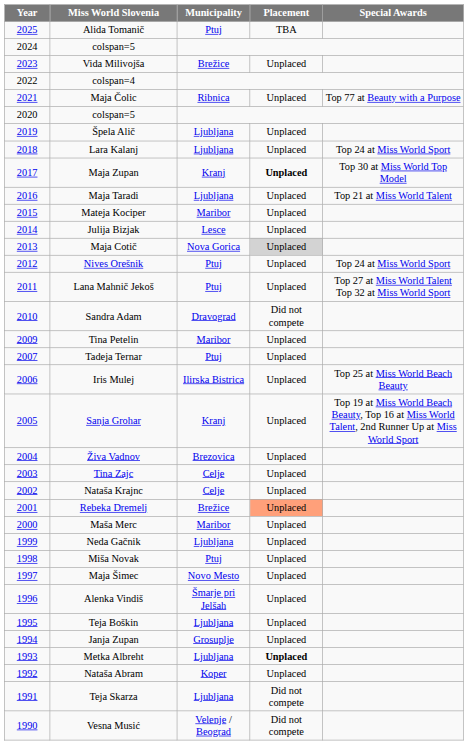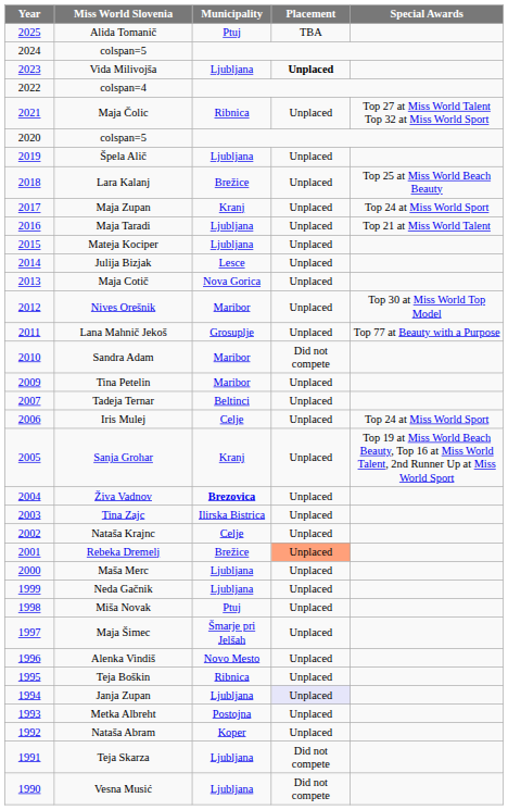 <table class="wikitable sortable" style="font-size: 95%; text-align:center">
 <tr>
 <th width="60" style="background-color:#787878;color:#FFFFFF;">Year</th>
 <th width="180" style="background-color:#787878;color:#FFFFFF;">Miss World Slovenia</th>
 <th width="100" style="background-color:#787878;color:#FFFFFF;">Municipality</th>
 <th width="100" style="background-color:#787878;color:#FFFFFF;">Placement</th>
 <th width="200" style="background-color:#787878;color:#FFFFFF;">Special Awards</th>
 </tr>
 <tr>
 <td><a href='#'>2025</a></td>
 <td>Alida Tomanič</td>
 <td><a href='#'>Ptuj</a></td>
 <td>TBA</td>
 <td></td>
 </tr>
 <tr>
 <td>2024</td>
 <td>colspan=5 </td>
 </tr>
 <tr>
 <td><a href='#'>2023</a></td>
 <td>Vida Milivojša</td>
-<td><a href='#'>Brežice</a></td>
-<td>Unplaced</td>
+<td><a href='#'>Ljubljana</a></td>
+<td><strong>Unplaced</strong></td>
 <td></td>
 </tr>
 <tr>
 <td>2022</td>
 <td>colspan=4 </td>
 </tr>
 <tr>
 <td><a href='#'>2021</a></td>
 <td>Maja Čolic</td>
 <td><a href='#'>Ribnica</a></td>
 <td>Unplaced</td>
-<td>Top 77 at <a href='#'>Beauty with a Purpose</a></td>
+<td>Top 27 at <a href='#'>Miss World Talent</a><br> Top 32 at <a href='#'>Miss World Sport</a></td>
 </tr>
 <tr>
 <td>2020</td>
 <td>colspan=5 </td>
 </tr>
 <tr>
 <td><a href='#'>2019</a></td>
 <td>Špela Alič</td>
 <td><a href='#'>Ljubljana</a></td>
 <td>Unplaced</td>
 <td></td>
 </tr>
 <tr>
 <td><a href='#'>2018</a></td>
 <td>Lara Kalanj</td>
-<td><a href='#'>Ljubljana</a></td>
+<td><a href='#'>Brežice</a></td>
 <td>Unplaced</td>
-<td>Top 24 at <a href='#'>Miss World Sport</a></td>
+<td>Top 25 at <a href='#'>Miss World Beach Beauty</a></td>
 </tr>
 <tr>
 <td><a href='#'>2017</a></td>
 <td>Maja Zupan</td>
 <td><a href='#'>Kranj</a></td>
-<td><strong>Unplaced</strong></td>
-<td>Top 30 at <a href='#'>Miss World Top Model</a></td>
+<td>Unplaced</td>
+<td>Top 24 at <a href='#'>Miss World Sport</a></td>
 </tr>
 <tr>
 <td><a href='#'>2016</a></td>
 <td>Maja Taradi</td>
 <td><a href='#'>Ljubljana</a></td>
 <td>Unplaced</td>
 <td>Top 21 at <a href='#'>Miss World Talent</a></td>
 </tr>
 <tr>
 <td><a href='#'>2015</a></td>
 <td>Mateja Kociper</td>
-<td><a href='#'>Maribor</a></td>
+<td><a href='#'>Ljubljana</a></td>
 <td>Unplaced</td>
 <td></td>
 </tr>
 <tr>
 <td><a href='#'>2014</a></td>
 <td>Julija Bizjak</td>
 <td><a href='#'>Lesce</a></td>
 <td>Unplaced</td>
 <td></td>
 </tr>
 <tr>
 <td><a href='#'>2013</a></td>
 <td>Maja Cotič</td>
 <td><a href='#'>Nova Gorica</a></td>
-<td style="background: lightgrey;">Unplaced</td>
+<td>Unplaced</td>
 <td></td>
 </tr>
 <tr>
 <td><a href='#'>2012</a></td>
 <td><a href='#'>Nives Orešnik</a></td>
-<td><a href='#'>Ptuj</a></td>
+<td><a href='#'>Maribor</a></td>
 <td>Unplaced</td>
-<td>Top 24 at <a href='#'>Miss World Sport</a></td>
+<td>Top 30 at <a href='#'>Miss World Top Model</a></td>
 </tr>
 <tr>
 <td><a href='#'>2011</a></td>
 <td>Lana Mahnič Jekoš</td>
-<td><a href='#'>Ptuj</a></td>
+<td><a href='#'>Grosuplje</a></td>
 <td>Unplaced</td>
-<td>Top 27 at <a href='#'>Miss World Talent</a><br> Top 32 at <a href='#'>Miss World Sport</a></td>
+<td>Top 77 at <a href='#'>Beauty with a Purpose</a></td>
 </tr>
 <tr>
 <td><a href='#'>2010</a></td>
 <td>Sandra Adam</td>
-<td><a href='#'>Dravograd</a></td>
+<td><a href='#'>Maribor</a></td>
 <td>Did not compete</td>
 <td></td>
 </tr>
 <tr>
 <td><a href='#'>2009</a></td>
 <td>Tina Petelin</td>
 <td><a href='#'>Maribor</a></td>
 <td>Unplaced</td>
 <td></td>
 </tr>
 <tr>
 <td><a href='#'>2007</a></td>
 <td>Tadeja Ternar</td>
-<td><a href='#'>Ptuj</a></td>
+<td><a href='#'>Beltinci</a></td>
 <td>Unplaced</td>
 <td></td>
 </tr>
 <tr>
 <td><a href='#'>2006</a></td>
 <td>Iris Mulej</td>
-<td><a href='#'>Ilirska Bistrica</a></td>
+<td><a href='#'>Celje</a></td>
 <td>Unplaced</td>
-<td>Top 25 at <a href='#'>Miss World Beach Beauty</a></td>
+<td>Top 24 at <a href='#'>Miss World Sport</a></td>
 </tr>
 <tr>
 <td><a href='#'>2005</a></td>
 <td><a href='#'>Sanja Grohar</a></td>
 <td><a href='#'>Kranj</a></td>
 <td>Unplaced</td>
 <td>Top 19 at <a href='#'>Miss World Beach Beauty</a>, Top 16 at <a href='#'>Miss World Talent</a>, 2nd Runner Up at <a href='#'>Miss World Sport</a></td>
 </tr>
 <tr>
 <td><a href='#'>2004</a></td>
 <td><a href='#'>Živa Vadnov</a></td>
-<td><a href='#'>Brezovica</a></td>
+<td><strong><a href='#'>Brezovica</a></strong></td>
 <td>Unplaced</td>
 <td></td>
 </tr>
 <tr>
 <td><a href='#'>2003</a></td>
 <td><a href='#'>Tina Zajc</a></td>
-<td><a href='#'>Celje</a></td>
+<td><a href='#'>Ilirska Bistrica</a></td>
 <td>Unplaced</td>
 <td></td>
 </tr>
 <tr>
 <td><a href='#'>2002</a></td>
 <td>Nataša Krajnc</td>
 <td><a href='#'>Celje</a></td>
 <td>Unplaced</td>
 <td></td>
 </tr>
 <tr>
 <td><a href='#'>2001</a></td>
 <td><a href='#'>Rebeka Dremelj</a></td>
 <td><a href='#'>Brežice</a></td>
 <td style="background: lightsalmon;">Unplaced</td>
 <td></td>
 </tr>
 <tr>
 <td><a href='#'>2000</a></td>
 <td>Maša Merc</td>
-<td><a href='#'>Maribor</a></td>
+<td><a href='#'>Ljubljana</a></td>
 <td>Unplaced</td>
 <td></td>
 </tr>
 <tr>
 <td><a href='#'>1999</a></td>
 <td>Neda Gačnik</td>
 <td><a href='#'>Ljubljana</a></td>
 <td>Unplaced</td>
 <td></td>
 </tr>
 <tr>
 <td><a href='#'>1998</a></td>
 <td>Miša Novak</td>
 <td><a href='#'>Ptuj</a></td>
 <td>Unplaced</td>
 <td></td>
 </tr>
 <tr>
 <td><a href='#'>1997</a></td>
 <td>Maja Šimec</td>
-<td><a href='#'>Novo Mesto</a></td>
+<td><a href='#'>Šmarje pri Jelšah</a></td>
 <td>Unplaced</td>
 <td></td>
 </tr>
 <tr>
 <td><a href='#'>1996</a></td>
 <td>Alenka Vindiš</td>
-<td><a href='#'>Šmarje pri Jelšah</a></td>
+<td><a href='#'>Novo Mesto</a></td>
 <td>Unplaced</td>
 <td></td>
 </tr>
 <tr>
 <td><a href='#'>1995</a></td>
 <td>Teja Boškin</td>
-<td><a href='#'>Ljubljana</a></td>
+<td><a href='#'>Ribnica</a></td>
 <td>Unplaced</td>
 <td></td>
 </tr>
 <tr>
 <td><a href='#'>1994</a></td>
 <td>Janja Zupan</td>
-<td><a href='#'>Grosuplje</a></td>
-<td>Unplaced</td>
+<td><a href='#'>Ljubljana</a></td>
+<td style="background: lavender;">Unplaced</td>
 <td></td>
 </tr>
 <tr>
 <td><a href='#'>1993</a></td>
 <td>Metka Albreht</td>
-<td><a href='#'>Ljubljana</a></td>
-<td><strong>Unplaced</strong></td>
+<td><a href='#'>Postojna</a></td>
+<td>Unplaced</td>
 <td></td>
 </tr>
 <tr>
 <td><a href='#'>1992</a></td>
 <td>Nataša Abram</td>
 <td><a href='#'>Koper</a></td>
 <td>Unplaced</td>
 <td></td>
 </tr>
 <tr>
 <td><a href='#'>1991</a></td>
 <td>Teja Skarza</td>
 <td><a href='#'>Ljubljana</a></td>
 <td>Did not compete</td>
 <td></td>
 </tr>
 <tr>
 <td><a href='#'>1990</a></td>
 <td>Vesna Musić</td>
-<td><a href='#'>Velenje</a> / <a href='#'>Beograd</a></td>
+<td><a href='#'>Ljubljana</a></td>
 <td>Did not compete</td>
 <td></td>
 </tr>
 </table>
